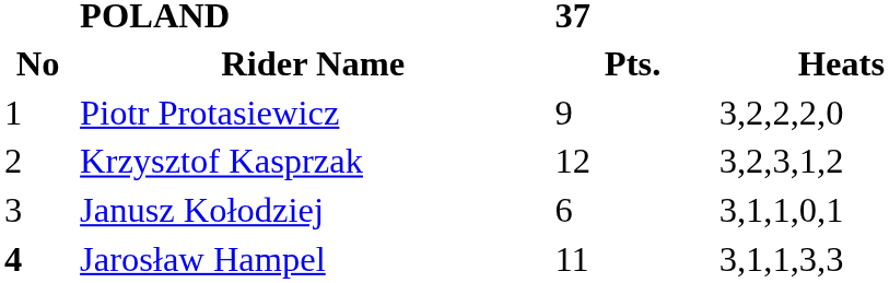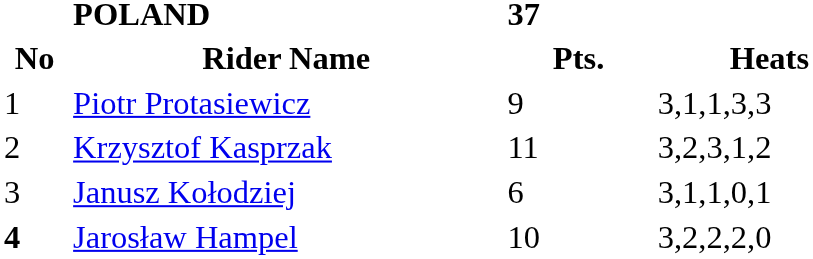 <table class="toccolours">
 <tr>
 <td></td>
 <td><strong>POLAND</strong></td>
 <td><strong>37</strong></td>
 </tr>
 <tr style="background-color:">
 <th width=30px>No</th>
 <th width=210px>Rider Name</th>
 <th width=70px>Pts.</th>
 <th width=110px>Heats</th>
 </tr>
 <tr style="background-color:">
 <td>1</td>
 <td><a href='#'>Piotr Protasiewicz</a></td>
 <td>9</td>
-<td>3,2,2,2,0</td>
+<td>3,1,1,3,3</td>
 </tr>
 <tr style="background-color:">
 <td>2</td>
 <td><a href='#'>Krzysztof Kasprzak</a></td>
-<td>12</td>
+<td>11</td>
 <td>3,2,3,1,2</td>
 </tr>
 <tr style="background-color:">
 <td>3</td>
 <td><a href='#'>Janusz Kołodziej</a></td>
 <td>6</td>
 <td>3,1,1,0,1</td>
 </tr>
 <tr style="background-color:">
 <td><strong>4</strong></td>
 <td><a href='#'>Jarosław Hampel </a></td>
-<td>11</td>
-<td>3,1,1,3,3</td>
+<td>10</td>
+<td>3,2,2,2,0</td>
 </tr>
 </table>
